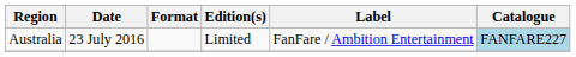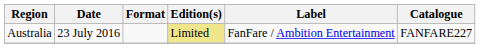 <table class="wikitable plainrowheaders">
 <tr>
 <th scope="col">Region</th>
 <th scope="col">Date</th>
 <th scope="col">Format</th>
 <th scope="col">Edition(s)</th>
 <th scope="col">Label</th>
 <th scope="col">Catalogue</th>
 </tr>
 <tr>
 <td>Australia</td>
 <td>23 July 2016</td>
 <td></td>
-<td>Limited</td>
+<td style="background: khaki;">Limited</td>
 <td>FanFare / <a href='#'>Ambition Entertainment</a></td>
-<td style="background: lightblue;">FANFARE227</td>
+<td>FANFARE227</td>
 </tr>
 <tr>
 </tr>
 </table>
